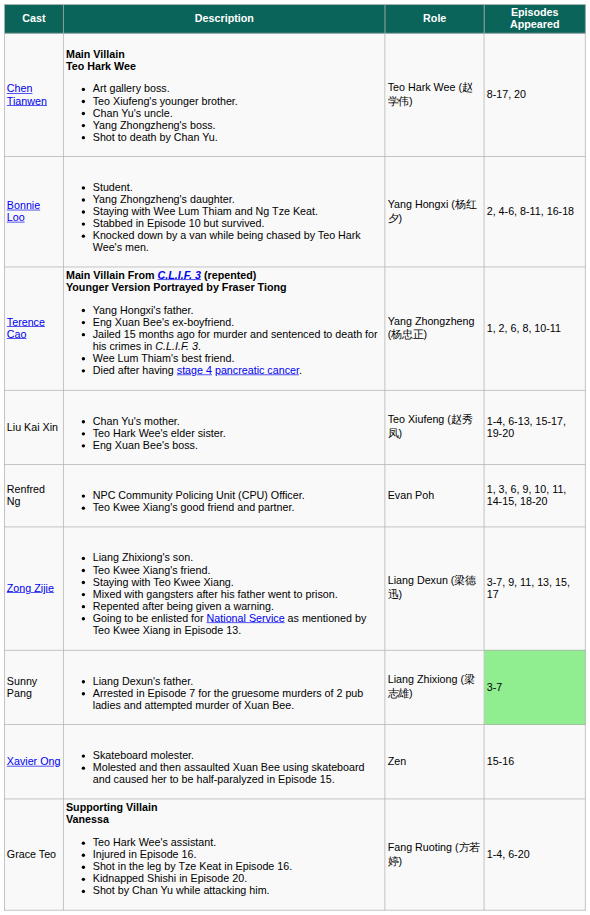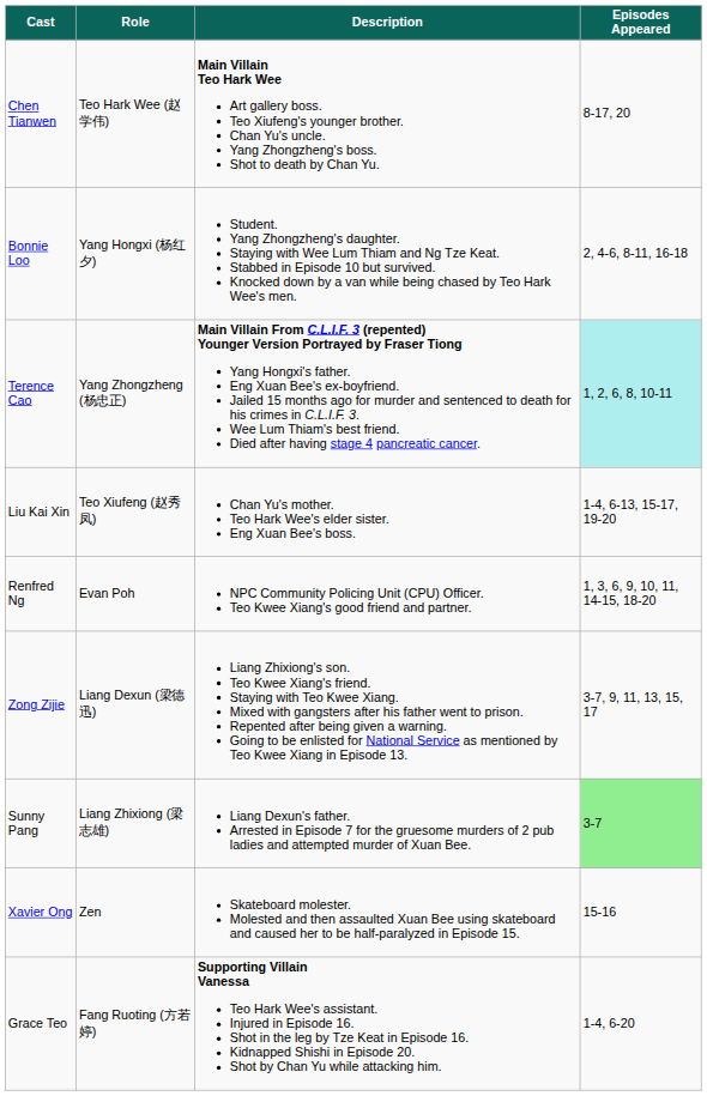 <table class="wikitable">
 <tr>
 <th style="background:#0B6459; color:white">Cast</th>
+<th style="background:#0B6459; color:white">Role</th>
 <th style="background:#0B6459; color:white">Description</th>
-<th style="background:#0B6459; color:white">Role</th>
 <th style="background:#0B6459; color:white">Episodes Appeared</th>
 </tr>
 <tr>
 <td><a href='#'>Chen Tianwen</a></td>
+<td>Teo Hark Wee (赵学伟)</td>
 <td><br><strong>Main Villain</strong> <br> <strong>Teo Hark Wee</strong><ul><li>Art gallery boss.</li><li>Teo Xiufeng's younger brother.</li><li>Chan Yu's uncle.</li><li>Yang Zhongzheng's boss.</li><li>Shot to death by Chan Yu.</li></ul></td>
-<td>Teo Hark Wee (赵学伟)</td>
 <td>8-17, 20</td>
 </tr>
 <tr>
 <td><a href='#'>Bonnie Loo</a></td>
+<td>Yang Hongxi (杨红夕)</td>
 <td><br><ul><li>Student.</li><li>Yang Zhongzheng's daughter.</li><li>Staying with Wee Lum Thiam and Ng Tze Keat.</li><li>Stabbed in Episode 10 but survived.</li><li>Knocked down by a van while being chased by Teo Hark Wee's men.</li></ul></td>
-<td>Yang Hongxi (杨红夕)</td>
 <td>2, 4-6, 8-11, 16-18</td>
 </tr>
 <tr I>
 <td><a href='#'>Terence Cao</a></td>
+<td>Yang Zhongzheng (杨忠正)</td>
 <td><strong>Main Villain From <em><a href='#'>C.L.I.F. 3</a></em> (repented)</strong> <br> <strong>Younger Version Portrayed by Fraser Tiong</strong><br><ul><li>Yang Hongxi's father.</li><li>Eng Xuan Bee's ex-boyfriend.</li><li>Jailed 15 months ago for murder and sentenced to death for his crimes in <em>C.L.I.F. 3</em>.</li><li>Wee Lum Thiam's best friend.</li><li>Died after having <a href='#'>stage 4</a> <a href='#'>pancreatic cancer</a>.</li></ul></td>
-<td>Yang Zhongzheng (杨忠正)</td>
-<td>1, 2, 6, 8, 10-11</td>
+<td style="background: paleturquoise;">1, 2, 6, 8, 10-11</td>
 </tr>
 <tr>
 <td>Liu Kai Xin</td>
+<td>Teo Xiufeng (赵秀凤)</td>
 <td><br><ul><li>Chan Yu's mother.</li><li>Teo Hark Wee's elder sister.</li><li>Eng Xuan Bee's boss.</li></ul></td>
-<td>Teo Xiufeng (赵秀凤)</td>
 <td>1-4, 6-13, 15-17, 19-20</td>
 </tr>
 <tr>
 <td>Renfred Ng</td>
+<td>Evan Poh</td>
 <td><br><ul><li>NPC Community Policing Unit (CPU) Officer.</li><li>Teo Kwee Xiang's good friend and partner.</li></ul></td>
-<td>Evan Poh</td>
 <td>1, 3, 6, 9, 10, 11, 14-15, 18-20</td>
 </tr>
 <tr>
 <td><a href='#'>Zong Zijie</a></td>
+<td>Liang Dexun (梁德迅)</td>
 <td><br><ul><li>Liang Zhixiong's son.</li><li>Teo Kwee Xiang's friend.</li><li>Staying with Teo Kwee Xiang.</li><li>Mixed with gangsters after his father went to prison.</li><li>Repented after being given a warning.</li><li>Going to be enlisted for <a href='#'>National Service</a> as mentioned by Teo Kwee Xiang in Episode 13.</li></ul></td>
-<td>Liang Dexun (梁德迅)</td>
 <td>3-7, 9, 11, 13, 15, 17</td>
 </tr>
 <tr>
 <td>Sunny Pang</td>
+<td>Liang Zhixiong (梁志雄)</td>
 <td><br><ul><li>Liang Dexun's father.</li><li>Arrested in Episode 7 for the gruesome murders of 2 pub ladies and attempted murder of Xuan Bee.</li></ul></td>
-<td>Liang Zhixiong (梁志雄)</td>
 <td style="background: lightgreen;">3-7</td>
 </tr>
 <tr>
 <td><a href='#'>Xavier Ong</a></td>
+<td>Zen</td>
 <td><br><ul><li>Skateboard molester.</li><li>Molested and then assaulted Xuan Bee using skateboard and caused her to be half-paralyzed in Episode 15.</li></ul></td>
-<td>Zen</td>
 <td>15-16</td>
 </tr>
 <tr>
 <td>Grace Teo</td>
+<td>Fang Ruoting (方若婷)</td>
 <td><strong>Supporting Villain</strong> <br> <strong>Vanessa</strong><br><ul><li>Teo Hark Wee's assistant.</li><li>Injured in Episode 16.</li><li>Shot in the leg by Tze Keat in Episode 16.</li><li>Kidnapped Shishi in Episode 20.</li><li>Shot by Chan Yu while attacking him.</li></ul></td>
-<td>Fang Ruoting (方若婷)</td>
 <td>1-4, 6-20</td>
 </tr>
 </table>
